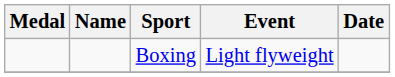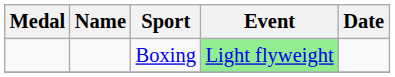 <table class="wikitable sortable"  style="font-size:95%">
 <tr>
 <th>Medal</th>
 <th>Name</th>
 <th>Sport</th>
 <th>Event</th>
 <th>Date</th>
 </tr>
 <tr>
 <td></td>
 <td></td>
 <td><a href='#'>Boxing</a></td>
-<td><a href='#'>Light flyweight</a></td>
+<td style="background: lightgreen;"><a href='#'>Light flyweight</a></td>
 <td></td>
 </tr>
 <tr>
 </tr>
 </table>
